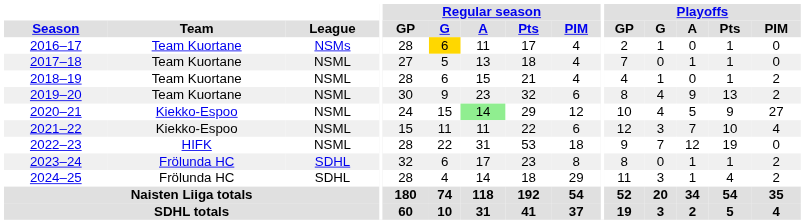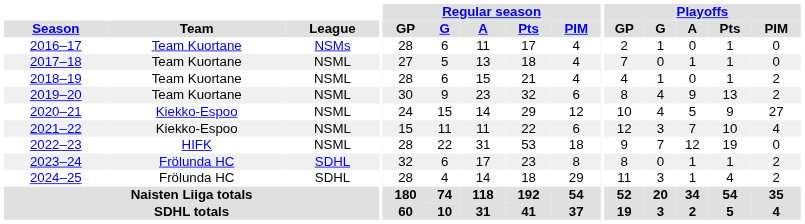 <table border="0" cellpadding="1" cellspacing="0" style="text-align:center; width:60em">
 <tr bgcolor="#e0e0e0">
 <th colspan="3" bgcolor="#ffffff"></th>
 <th rowspan="97" bgcolor="#ffffff"></th>
 <th colspan="5"><a href='#'>Regular season</a></th>
 <th rowspan="97" bgcolor="#ffffff"></th>
 <th colspan="5"><a href='#'>Playoffs</a></th>
 </tr>
 <tr bgcolor="#e0e0e0">
 <th><a href='#'>Season</a></th>
 <th>Team</th>
 <th>League</th>
 <th>GP</th>
 <th><a href='#'>G</a></th>
 <th><a href='#'>A</a></th>
 <th><a href='#'>Pts</a></th>
 <th><a href='#'>PIM</a></th>
 <th>GP</th>
 <th>G</th>
 <th>A</th>
 <th>Pts</th>
 <th>PIM</th>
 </tr>
 <tr>
 <td><a href='#'>2016–17</a></td>
 <td><a href='#'>Team Kuortane</a></td>
 <td><a href='#'>NSMs</a></td>
 <td>28</td>
-<td style="background: gold;">6</td>
+<td>6</td>
 <td>11</td>
 <td>17</td>
 <td>4</td>
 <td>2</td>
 <td>1</td>
 <td>0</td>
 <td>1</td>
 <td>0</td>
 </tr>
 <tr bgcolor="#f0f0f0">
 <td><a href='#'>2017–18</a></td>
 <td>Team Kuortane</td>
 <td>NSML</td>
 <td>27</td>
 <td>5</td>
 <td>13</td>
 <td>18</td>
 <td>4</td>
 <td>7</td>
 <td>0</td>
 <td>1</td>
 <td>1</td>
 <td>0</td>
 </tr>
 <tr>
 <td><a href='#'>2018–19</a></td>
 <td>Team Kuortane</td>
 <td>NSML</td>
 <td>28</td>
 <td>6</td>
 <td>15</td>
 <td>21</td>
 <td>4</td>
 <td>4</td>
 <td>1</td>
 <td>0</td>
 <td>1</td>
 <td>2</td>
 </tr>
 <tr bgcolor="#f0f0f0">
 <td><a href='#'>2019–20</a></td>
 <td>Team Kuortane</td>
 <td>NSML</td>
 <td>30</td>
 <td>9</td>
 <td>23</td>
 <td>32</td>
 <td>6</td>
 <td>8</td>
 <td>4</td>
 <td>9</td>
 <td>13</td>
 <td>2</td>
 </tr>
 <tr>
 <td><a href='#'>2020–21</a></td>
 <td><a href='#'>Kiekko-Espoo</a></td>
 <td>NSML</td>
 <td>24</td>
 <td>15</td>
-<td style="background: lightgreen;">14</td>
+<td>14</td>
 <td>29</td>
 <td>12</td>
 <td>10</td>
 <td>4</td>
 <td>5</td>
 <td>9</td>
 <td>27</td>
 </tr>
 <tr bgcolor="#f0f0f0">
 <td><a href='#'>2021–22</a></td>
 <td>Kiekko-Espoo</td>
 <td>NSML</td>
 <td>15</td>
 <td>11</td>
 <td>11</td>
 <td>22</td>
 <td>6</td>
 <td>12</td>
 <td>3</td>
 <td>7</td>
 <td>10</td>
 <td>4</td>
 </tr>
 <tr>
 <td><a href='#'>2022–23</a></td>
 <td><a href='#'>HIFK</a></td>
 <td>NSML</td>
 <td>28</td>
 <td>22</td>
 <td>31</td>
 <td>53</td>
 <td>18</td>
 <td>9</td>
 <td>7</td>
 <td>12</td>
 <td>19</td>
 <td>0</td>
 </tr>
 <tr bgcolor="#f0f0f0">
 <td><a href='#'>2023–24</a></td>
 <td><a href='#'>Frölunda HC</a></td>
 <td><a href='#'>SDHL</a></td>
 <td>32</td>
 <td>6</td>
 <td>17</td>
 <td>23</td>
 <td>8</td>
 <td>8</td>
 <td>0</td>
 <td>1</td>
 <td>1</td>
 <td>2</td>
 </tr>
 <tr>
 <td><a href='#'>2024–25</a></td>
 <td>Frölunda HC</td>
 <td>SDHL</td>
 <td>28</td>
 <td>4</td>
 <td>14</td>
 <td>18</td>
 <td>29</td>
 <td>11</td>
 <td>3</td>
 <td>1</td>
 <td>4</td>
 <td>2</td>
 </tr>
 <tr bgcolor="#e0e0e0">
 <th colspan="3">Naisten Liiga totals</th>
 <th>180</th>
 <th>74</th>
 <th>118</th>
 <th>192</th>
 <th>54</th>
 <th>52</th>
 <th>20</th>
 <th>34</th>
 <th>54</th>
 <th>35</th>
 </tr>
 <tr bgcolor="#e0e0e0">
 <th colspan="3">SDHL totals</th>
 <th>60</th>
 <th>10</th>
 <th>31</th>
 <th>41</th>
 <th>37</th>
 <th>19</th>
 <th>3</th>
 <th>2</th>
 <th>5</th>
 <th>4</th>
 </tr>
 </table>
